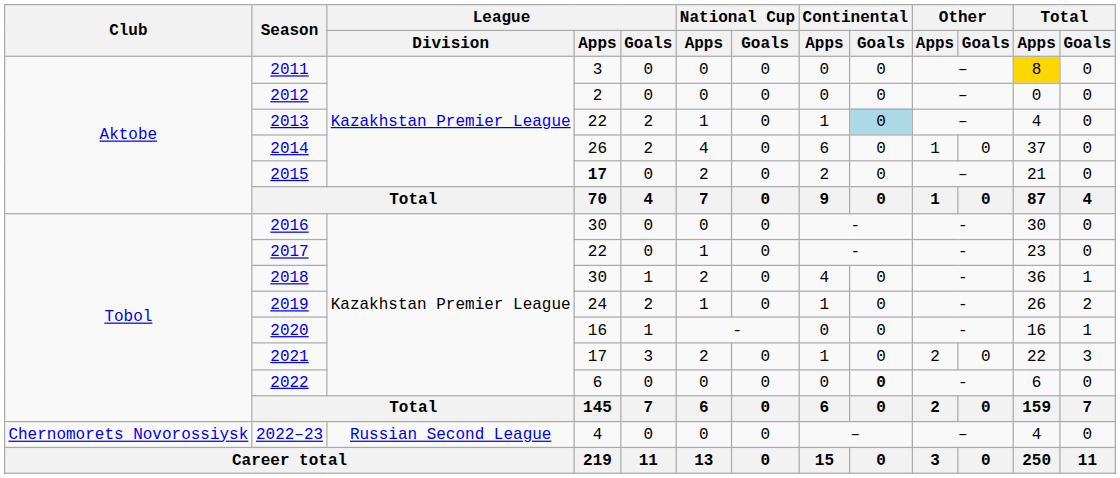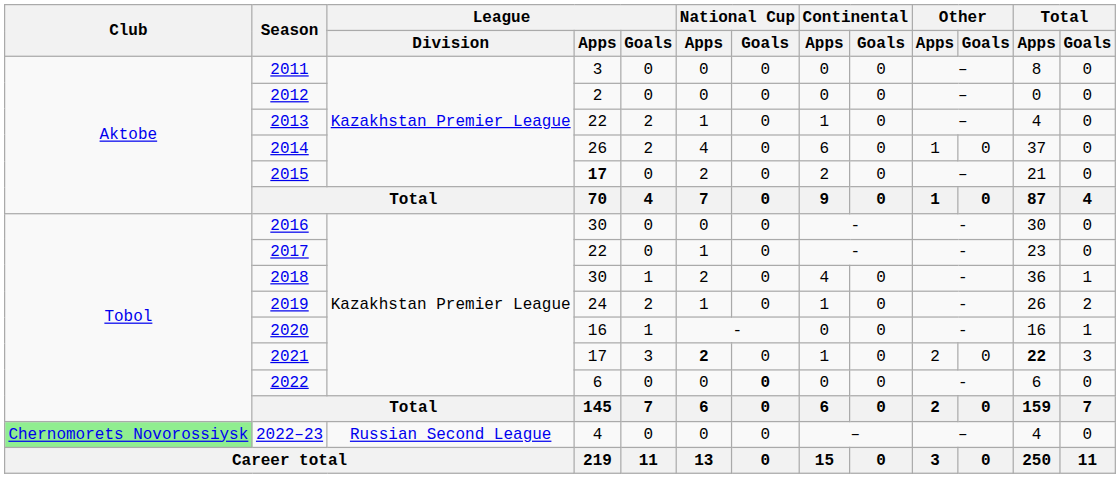 <table class="wikitable" style="text-align: center;">
 <tr>
 <th rowspan="2">Club</th>
 <th rowspan="2">Season</th>
 <th colspan="3">League</th>
 <th colspan="2">National Cup</th>
 <th colspan="2">Continental</th>
 <th colspan="2">Other</th>
 <th colspan="2">Total</th>
 </tr>
 <tr>
 <th>Division</th>
 <th>Apps</th>
 <th>Goals</th>
 <th>Apps</th>
 <th>Goals</th>
 <th>Apps</th>
 <th>Goals</th>
 <th>Apps</th>
 <th>Goals</th>
 <th>Apps</th>
 <th>Goals</th>
 </tr>
 <tr>
 <td rowspan="6" valign="center"><a href='#'>Aktobe</a></td>
 <td><a href='#'>2011</a></td>
 <td rowspan="5" valign="center"><a href='#'>Kazakhstan Premier League</a></td>
 <td>3</td>
 <td>0</td>
 <td>0</td>
 <td>0</td>
 <td>0</td>
 <td>0</td>
 <td colspan="2">–</td>
-<td style="background: gold;">8</td>
+<td>8</td>
 <td>0</td>
 </tr>
 <tr>
 <td><a href='#'>2012</a></td>
 <td>2</td>
 <td>0</td>
 <td>0</td>
 <td>0</td>
 <td>0</td>
 <td>0</td>
 <td colspan="2">–</td>
 <td>0</td>
 <td>0</td>
 </tr>
 <tr>
 <td><a href='#'>2013</a></td>
 <td>22</td>
 <td>2</td>
 <td>1</td>
 <td>0</td>
 <td>1</td>
-<td style="background: lightblue;">0</td>
+<td>0</td>
 <td colspan="2">–</td>
 <td>4</td>
 <td>0</td>
 </tr>
 <tr>
 <td><a href='#'>2014</a></td>
 <td>26</td>
 <td>2</td>
 <td>4</td>
 <td>0</td>
 <td>6</td>
 <td>0</td>
 <td>1</td>
 <td>0</td>
 <td>37</td>
 <td>0</td>
 </tr>
 <tr>
 <td><a href='#'>2015</a></td>
 <td><strong>17</strong></td>
 <td>0</td>
 <td>2</td>
 <td>0</td>
 <td>2</td>
 <td>0</td>
 <td colspan="2">–</td>
 <td>21</td>
 <td>0</td>
 </tr>
 <tr>
 <th colspan="2">Total</th>
 <th>70</th>
 <th>4</th>
 <th>7</th>
 <th>0</th>
 <th>9</th>
 <th>0</th>
 <th>1</th>
 <th>0</th>
 <th>87</th>
 <th>4</th>
 </tr>
 <tr>
 <td rowspan="8" valign="center"><a href='#'>Tobol</a></td>
 <td><a href='#'>2016</a></td>
 <td rowspan="7" valign="center">Kazakhstan Premier League</td>
 <td>30</td>
 <td>0</td>
 <td>0</td>
 <td>0</td>
 <td colspan="2">-</td>
 <td colspan="2">-</td>
 <td>30</td>
 <td>0</td>
 </tr>
 <tr>
 <td><a href='#'>2017</a></td>
 <td>22</td>
 <td>0</td>
 <td>1</td>
 <td>0</td>
 <td colspan="2">-</td>
 <td colspan="2">-</td>
 <td>23</td>
 <td>0</td>
 </tr>
 <tr>
 <td><a href='#'>2018</a></td>
 <td>30</td>
 <td>1</td>
 <td>2</td>
 <td>0</td>
 <td>4</td>
 <td>0</td>
 <td colspan="2">-</td>
 <td>36</td>
 <td>1</td>
 </tr>
 <tr>
 <td><a href='#'>2019</a></td>
 <td>24</td>
 <td>2</td>
 <td>1</td>
 <td>0</td>
 <td>1</td>
 <td>0</td>
 <td colspan="2">-</td>
 <td>26</td>
 <td>2</td>
 </tr>
 <tr>
 <td><a href='#'>2020</a></td>
 <td>16</td>
 <td>1</td>
 <td colspan="2">-</td>
 <td>0</td>
 <td>0</td>
 <td colspan="2">-</td>
 <td>16</td>
 <td>1</td>
 </tr>
 <tr>
 <td><a href='#'>2021</a></td>
 <td>17</td>
 <td>3</td>
-<td>2</td>
+<td><strong>2</strong></td>
 <td>0</td>
 <td>1</td>
 <td>0</td>
 <td>2</td>
 <td>0</td>
-<td>22</td>
+<td><strong>22</strong></td>
 <td>3</td>
 </tr>
 <tr>
 <td><a href='#'>2022</a></td>
 <td>6</td>
 <td>0</td>
 <td>0</td>
+<td><strong>0</strong></td>
 <td>0</td>
 <td>0</td>
-<td><strong>0</strong></td>
 <td colspan="2">-</td>
 <td>6</td>
 <td>0</td>
 </tr>
 <tr>
 <th colspan="2">Total</th>
 <th>145</th>
 <th>7</th>
 <th>6</th>
 <th>0</th>
 <th>6</th>
 <th>0</th>
 <th>2</th>
 <th>0</th>
 <th>159</th>
 <th>7</th>
 </tr>
 <tr>
-<td rowspan="1" valign="center"><a href='#'>Chernomorets Novorossiysk</a></td>
+<td rowspan="1" valign="center" style="background: lightgreen;"><a href='#'>Chernomorets Novorossiysk</a></td>
 <td><a href='#'>2022–23</a></td>
 <td rowspan="1" valign="center"><a href='#'>Russian Second League</a></td>
 <td>4</td>
 <td>0</td>
 <td>0</td>
 <td>0</td>
 <td colspan="2">–</td>
 <td colspan="2">–</td>
 <td>4</td>
 <td>0</td>
 </tr>
 <tr>
 <th colspan="3">Career total</th>
 <th>219</th>
 <th>11</th>
 <th>13</th>
 <th>0</th>
 <th>15</th>
 <th>0</th>
 <th>3</th>
 <th>0</th>
 <th>250</th>
 <th>11</th>
 </tr>
 </table>
